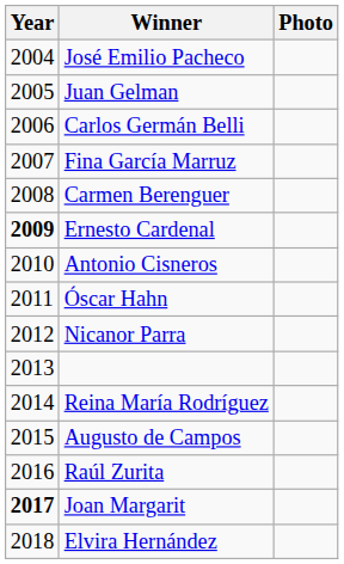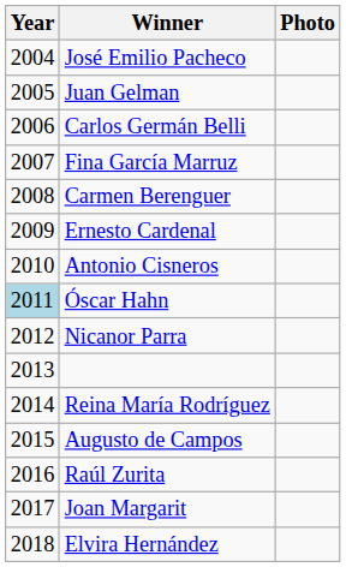 <table class="wikitable">
 <tr>
 <th>Year</th>
 <th>Winner</th>
 <th>Photo</th>
 </tr>
 <tr>
 <td>2004</td>
 <td> <a href='#'>José Emilio Pacheco</a></td>
 <td></td>
 </tr>
 <tr>
 <td>2005</td>
 <td> <a href='#'>Juan Gelman</a></td>
 <td></td>
 </tr>
 <tr>
 <td>2006</td>
 <td> <a href='#'>Carlos Germán Belli</a></td>
 </tr>
 <tr>
 <td>2007</td>
 <td> <a href='#'>Fina García Marruz</a></td>
 <td></td>
 </tr>
 <tr>
 <td>2008</td>
 <td> <a href='#'>Carmen Berenguer</a></td>
 <td></td>
 </tr>
 <tr>
-<td><strong>2009</strong></td>
+<td>2009</td>
 <td> <a href='#'>Ernesto Cardenal</a></td>
 <td></td>
 </tr>
 <tr>
 <td>2010</td>
 <td> <a href='#'>Antonio Cisneros</a></td>
 <td></td>
 </tr>
 <tr>
-<td>2011</td>
+<td style="background: lightblue;">2011</td>
 <td> <a href='#'>Óscar Hahn</a></td>
 <td></td>
 </tr>
 <tr>
 <td>2012</td>
 <td> <a href='#'>Nicanor Parra</a></td>
 <td></td>
 </tr>
 <tr>
 <td>2013</td>
 <td> </td>
 <td></td>
 </tr>
 <tr>
 <td>2014</td>
 <td> <a href='#'>Reina María Rodríguez</a></td>
 <td></td>
 </tr>
 <tr>
 <td>2015</td>
 <td> <a href='#'>Augusto de Campos</a></td>
 <td></td>
 </tr>
 <tr>
 <td>2016</td>
 <td> <a href='#'>Raúl Zurita</a></td>
 <td></td>
 </tr>
 <tr>
-<td><strong>2017</strong></td>
+<td>2017</td>
 <td> <a href='#'>Joan Margarit</a></td>
 <td></td>
 </tr>
 <tr>
 <td>2018</td>
 <td> <a href='#'>Elvira Hernández</a></td>
 <td></td>
 </tr>
 </table>
